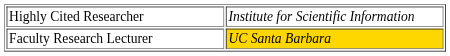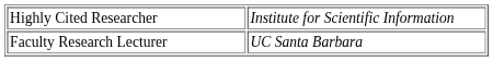 <table border="1" cellpadding="2">
 <tr>
 <td width="250pt">Highly Cited Researcher</td>
 <td width="250pt"><em>Institute for Scientific Information</em></td>
 </tr>
 <tr>
 <td>Faculty Research Lecturer</td>
-<td style="background: gold;"><em>UC Santa Barbara</em></td>
+<td><em>UC Santa Barbara</em></td>
 </tr>
 </table>
